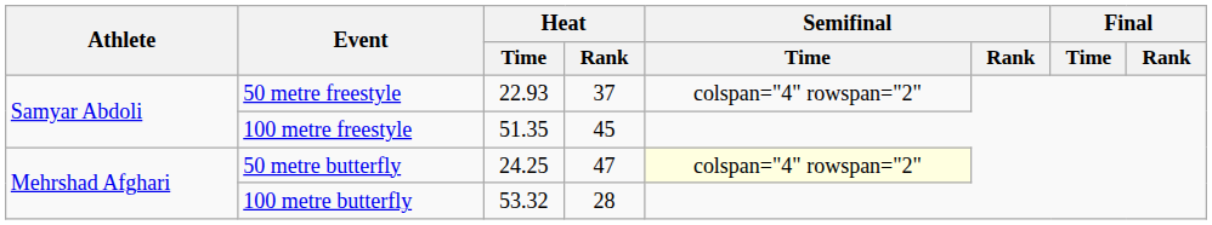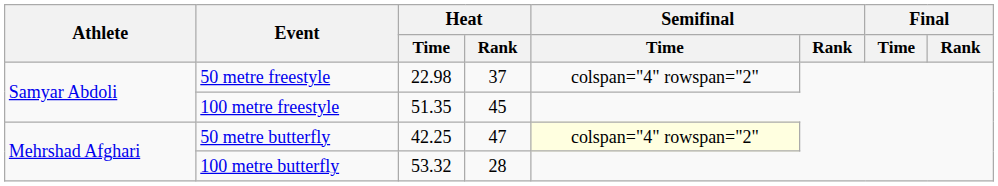 <table class="wikitable" style="text-align:center; font-size:90%; width:50%;">
 <tr>
 <th rowspan="2">Athlete</th>
 <th rowspan="2">Event</th>
 <th colspan="2">Heat</th>
 <th colspan="2">Semifinal</th>
 <th colspan="2">Final</th>
 </tr>
 <tr style="font-size:95%">
 <th>Time</th>
 <th>Rank</th>
 <th>Time</th>
 <th>Rank</th>
 <th>Time</th>
 <th>Rank</th>
 </tr>
 <tr align=center>
 <td align=left rowspan="2"><a href='#'>Samyar Abdoli</a></td>
 <td align=left><a href='#'>50 metre freestyle</a></td>
-<td>22.93</td>
+<td>22.98</td>
 <td>37</td>
 <td>colspan="4" rowspan="2" </td>
 </tr>
 <tr align=center>
 <td align=left><a href='#'>100 metre freestyle</a></td>
 <td>51.35</td>
 <td>45</td>
 </tr>
 <tr align=center>
 <td align=left rowspan="2"><a href='#'>Mehrshad Afghari</a></td>
 <td align=left><a href='#'>50 metre butterfly</a></td>
-<td>24.25</td>
+<td>42.25</td>
 <td>47</td>
 <td style="background: lightyellow;">colspan="4" rowspan="2" </td>
 </tr>
 <tr align=center>
 <td align=left><a href='#'>100 metre butterfly</a></td>
 <td>53.32</td>
 <td>28</td>
 </tr>
 </table>
